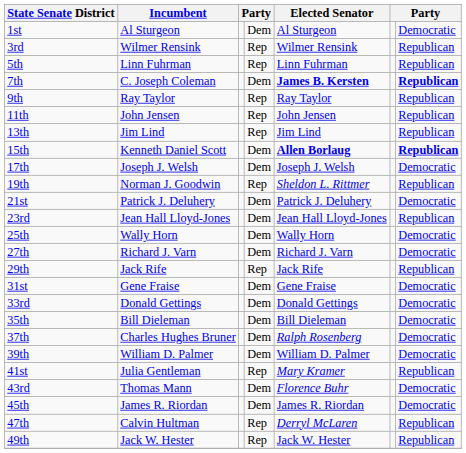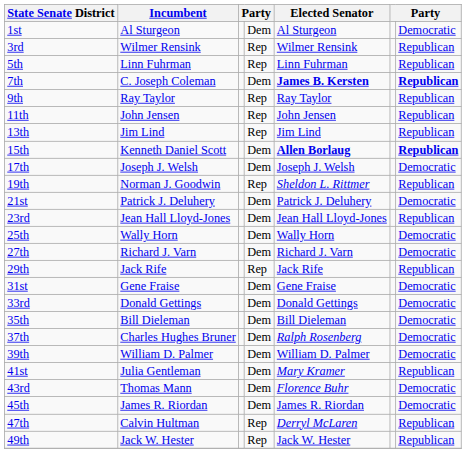 <table class="sortable wikitable" style="font-size:95%;line-height:14px;">
 <tr>
 <th class="unsortable"><a href='#'>State Senate</a> District</th>
 <th class="unsortable"><a href='#'>Incumbent</a></th>
 <th colspan="2">Party</th>
 <th class="unsortable">Elected Senator</th>
 <th colspan="2">Party</th>
 </tr>
 <tr>
 <td><a href='#'>1st</a></td>
 <td><a href='#'>Al Sturgeon</a></td>
 <td style="background:"></td>
 <td>Dem</td>
 <td><a href='#'>Al Sturgeon</a></td>
 <td style="background:"></td>
 <td><a href='#'>Democratic</a></td>
 </tr>
 <tr>
 <td><a href='#'>3rd</a></td>
 <td><a href='#'>Wilmer Rensink</a></td>
 <td style="background:"></td>
 <td>Rep</td>
 <td><a href='#'>Wilmer Rensink</a></td>
 <td style="background:"></td>
 <td><a href='#'>Republican</a></td>
 </tr>
 <tr>
 <td><a href='#'>5th</a></td>
 <td><a href='#'>Linn Fuhrman</a></td>
 <td style="background:"></td>
 <td>Rep</td>
 <td><a href='#'>Linn Fuhrman</a></td>
 <td style="background:"></td>
 <td><a href='#'>Republican</a></td>
 </tr>
 <tr>
 <td><a href='#'>7th</a></td>
 <td><a href='#'>C. Joseph Coleman</a></td>
 <td style="background:"></td>
 <td>Dem</td>
 <td><strong><a href='#'>James B. Kersten</a></strong></td>
 <td style="background:"></td>
 <td><strong><a href='#'>Republican</a></strong></td>
 </tr>
 <tr>
 <td><a href='#'>9th</a></td>
 <td><a href='#'>Ray Taylor</a></td>
 <td style="background:"></td>
 <td>Rep</td>
 <td><a href='#'>Ray Taylor</a></td>
 <td style="background:"></td>
 <td><a href='#'>Republican</a></td>
 </tr>
 <tr>
 <td><a href='#'>11th</a></td>
 <td><a href='#'>John Jensen</a></td>
 <td style="background:"></td>
 <td>Rep</td>
 <td><a href='#'>John Jensen</a></td>
 <td style="background:"></td>
 <td><a href='#'>Republican</a></td>
 </tr>
 <tr>
 <td><a href='#'>13th</a></td>
 <td><a href='#'>Jim Lind</a></td>
 <td style="background:"></td>
 <td>Rep</td>
 <td><a href='#'>Jim Lind</a></td>
 <td style="background:"></td>
 <td><a href='#'>Republican</a></td>
 </tr>
 <tr>
 <td><a href='#'>15th</a></td>
 <td><a href='#'>Kenneth Daniel Scott</a></td>
 <td style="background:"></td>
 <td>Dem</td>
 <td><strong><a href='#'>Allen Borlaug</a></strong></td>
 <td style="background:"></td>
 <td><strong><a href='#'>Republican</a></strong></td>
 </tr>
 <tr>
 <td><a href='#'>17th</a></td>
 <td><a href='#'>Joseph J. Welsh</a></td>
 <td style="background:"></td>
 <td>Dem</td>
 <td><a href='#'>Joseph J. Welsh</a></td>
 <td style="background:"></td>
 <td><a href='#'>Democratic</a></td>
 </tr>
 <tr>
 <td><a href='#'>19th</a></td>
 <td><a href='#'>Norman J. Goodwin</a></td>
 <td style="background:"></td>
 <td>Rep</td>
 <td><em><a href='#'>Sheldon L. Rittmer</a></em></td>
 <td style="background:"></td>
 <td><a href='#'>Republican</a></td>
 </tr>
 <tr>
 <td><a href='#'>21st</a></td>
 <td><a href='#'>Patrick J. Deluhery</a></td>
 <td style="background:"></td>
 <td>Dem</td>
 <td><a href='#'>Patrick J. Deluhery</a></td>
 <td style="background:"></td>
 <td><a href='#'>Democratic</a></td>
 </tr>
 <tr>
 <td><a href='#'>23rd</a></td>
 <td><a href='#'>Jean Hall Lloyd-Jones</a></td>
 <td style="background:"></td>
 <td>Dem</td>
 <td><a href='#'>Jean Hall Lloyd-Jones</a></td>
 <td style="background:"></td>
 <td><a href='#'>Republican</a></td>
 </tr>
 <tr>
 <td><a href='#'>25th</a></td>
 <td><a href='#'>Wally Horn</a></td>
 <td style="background:"></td>
 <td>Dem</td>
 <td><a href='#'>Wally Horn</a></td>
 <td style="background:"></td>
 <td><a href='#'>Democratic</a></td>
 </tr>
 <tr>
 <td><a href='#'>27th</a></td>
 <td><a href='#'>Richard J. Varn</a></td>
 <td style="background:"></td>
 <td>Dem</td>
 <td><a href='#'>Richard J. Varn</a></td>
 <td style="background:"></td>
 <td><a href='#'>Democratic</a></td>
 </tr>
 <tr>
 <td><a href='#'>29th</a></td>
 <td><a href='#'>Jack Rife</a></td>
 <td style="background:"></td>
 <td>Rep</td>
 <td><a href='#'>Jack Rife</a></td>
 <td style="background:"></td>
 <td><a href='#'>Republican</a></td>
 </tr>
 <tr>
 <td><a href='#'>31st</a></td>
 <td><a href='#'>Gene Fraise</a></td>
 <td style="background:"></td>
 <td>Dem</td>
 <td><a href='#'>Gene Fraise</a></td>
 <td style="background:"></td>
 <td><a href='#'>Democratic</a></td>
 </tr>
 <tr>
 <td><a href='#'>33rd</a></td>
 <td><a href='#'>Donald Gettings</a></td>
 <td style="background:"></td>
 <td>Dem</td>
 <td><a href='#'>Donald Gettings</a></td>
 <td style="background:"></td>
 <td><a href='#'>Democratic</a></td>
 </tr>
 <tr>
 <td><a href='#'>35th</a></td>
 <td><a href='#'>Bill Dieleman</a></td>
 <td style="background:"></td>
 <td>Dem</td>
 <td><a href='#'>Bill Dieleman</a></td>
 <td style="background:"></td>
 <td><a href='#'>Democratic</a></td>
 </tr>
 <tr>
 <td><a href='#'>37th</a></td>
 <td><a href='#'>Charles Hughes Bruner</a></td>
 <td style="background:"></td>
 <td>Dem</td>
 <td><em><a href='#'>Ralph Rosenberg</a></em></td>
 <td style="background:"></td>
 <td><a href='#'>Democratic</a></td>
 </tr>
 <tr>
 <td><a href='#'>39th</a></td>
 <td><a href='#'>William D. Palmer</a></td>
 <td style="background:"></td>
 <td>Dem</td>
 <td><a href='#'>William D. Palmer</a></td>
 <td style="background:"></td>
 <td><a href='#'>Democratic</a></td>
 </tr>
 <tr>
 <td><a href='#'>41st</a></td>
 <td><a href='#'>Julia Gentleman</a></td>
 <td style="background:"></td>
-<td>Rep</td>
+<td>Dem</td>
 <td><em><a href='#'>Mary Kramer</a></em></td>
 <td style="background:"></td>
 <td><a href='#'>Republican</a></td>
 </tr>
 <tr>
 <td><a href='#'>43rd</a></td>
 <td><a href='#'>Thomas Mann</a></td>
 <td style="background:"></td>
 <td>Dem</td>
 <td><em><a href='#'>Florence Buhr</a></em></td>
 <td style="background:"></td>
 <td><a href='#'>Democratic</a></td>
 </tr>
 <tr>
 <td><a href='#'>45th</a></td>
 <td><a href='#'>James R. Riordan</a></td>
 <td style="background:"></td>
 <td>Dem</td>
 <td><a href='#'>James R. Riordan</a></td>
 <td style="background:"></td>
 <td><a href='#'>Democratic</a></td>
 </tr>
 <tr>
 <td><a href='#'>47th</a></td>
 <td><a href='#'>Calvin Hultman</a></td>
 <td style="background:"></td>
 <td>Rep</td>
 <td><em><a href='#'>Derryl McLaren</a></em></td>
 <td style="background:"></td>
 <td><a href='#'>Republican</a></td>
 </tr>
 <tr>
 <td><a href='#'>49th</a></td>
 <td><a href='#'>Jack W. Hester</a></td>
 <td style="background:"></td>
 <td>Rep</td>
 <td><a href='#'>Jack W. Hester</a></td>
 <td style="background:"></td>
 <td><a href='#'>Republican</a></td>
 </tr>
 <tr>
 </tr>
 </table>
